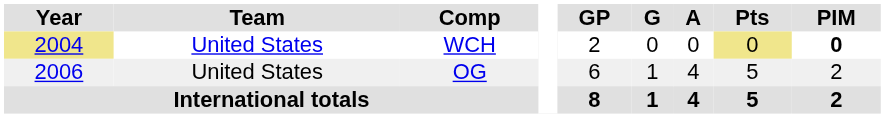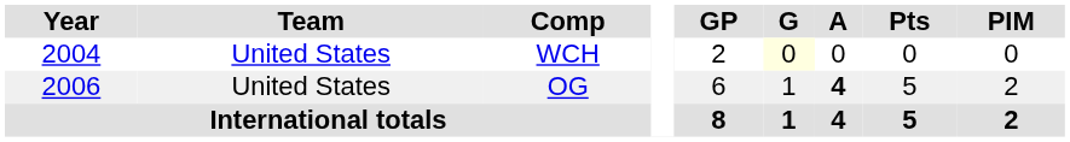 <table border="0" cellpadding="1" cellspacing="0" style="text-align:center; width:40em">
 <tr ALIGN="center" bgcolor="#e0e0e0">
 <th>Year</th>
 <th>Team</th>
 <th>Comp</th>
 <th ALIGN="center" rowspan="99" bgcolor="#ffffff"> </th>
 <th>GP</th>
 <th>G</th>
 <th>A</th>
 <th>Pts</th>
 <th>PIM</th>
 </tr>
 <tr>
-<td style="background: khaki;"><a href='#'>2004</a></td>
+<td><a href='#'>2004</a></td>
 <td><a href='#'>United States</a></td>
 <td><a href='#'>WCH</a></td>
 <td>2</td>
+<td style="background: lightyellow;">0</td>
 <td>0</td>
 <td>0</td>
-<td style="background: khaki;">0</td>
-<td><strong>0</strong></td>
+<td>0</td>
 </tr>
 <tr bgcolor="#f0f0f0">
 <td><a href='#'>2006</a></td>
 <td>United States</td>
 <td><a href='#'>OG</a></td>
 <td>6</td>
 <td>1</td>
-<td>4</td>
+<td><strong>4</strong></td>
 <td>5</td>
 <td>2</td>
 </tr>
 <tr bgcolor="#e0e0e0">
 <th colspan=3>International totals</th>
 <th>8</th>
 <th>1</th>
 <th>4</th>
 <th>5</th>
 <th>2</th>
 </tr>
 </table>
